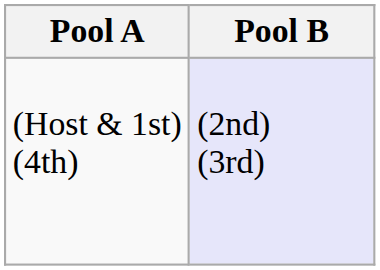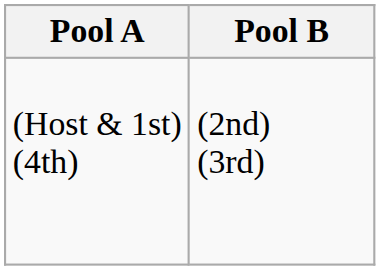 <table class="wikitable">
 <tr>
 <th width=50%>Pool A</th>
 <th width=50%>Pool B</th>
 </tr>
 <tr>
 <td><br> (Host & 1st)<br>  (4th)<br> <br> <br> </td>
-<td style="background: lavender;"><br> (2nd)<br>  (3rd)<br> <br> <br> </td>
+<td><br> (2nd)<br>  (3rd)<br> <br> <br> </td>
 </tr>
 </table>
